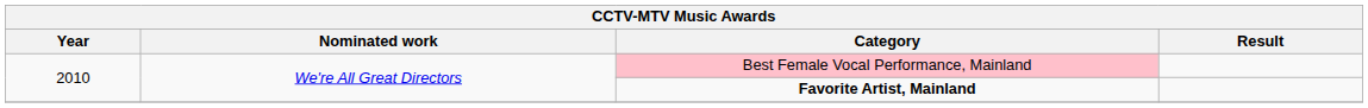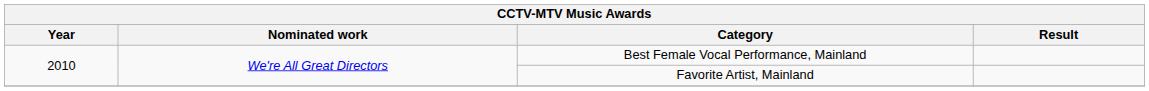 <table width="90%" class="wikitable">
 <tr>
 <th colspan="4" align="center">CCTV-MTV Music Awards</th>
 </tr>
 <tr>
 <th width="10%">Year</th>
 <th width="35%">Nominated work</th>
 <th width="40%">Category</th>
 <th width="15%">Result</th>
 </tr>
 <tr>
 <td align="center" rowspan=2>2010</td>
 <td align="center" rowspan=2><em><a href='#'>We're All Great Directors</a></em></td>
-<td align="center" style="background: pink;">Best Female Vocal Performance, Mainland</td>
+<td align="center">Best Female Vocal Performance, Mainland</td>
 <td></td>
 </tr>
 <tr>
-<td align="center"><strong>Favorite Artist, Mainland</strong></td>
+<td align="center">Favorite Artist, Mainland</td>
 <td></td>
 </tr>
 <tr>
 </tr>
 </table>
